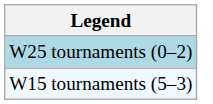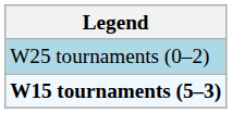 <table class=wikitable style="font-size:85%">
 <tr>
 <th>Legend</th>
 </tr>
 <tr style="background:lightblue;">
 <td>W25 tournaments (0–2)</td>
 </tr>
 <tr style="background:#f0f8ff;">
-<td>W15 tournaments (5–3)</td>
+<td><strong>W15 tournaments (5–3)</strong></td>
 </tr>
 </table>
